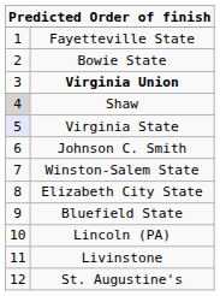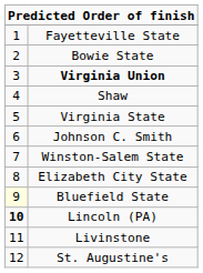 <table class="wikitable">
 <tr align="center">
 <td align="center" Colspan="2"><strong>Predicted Order of finish</strong></td>
 </tr>
 <tr align="center">
 </tr>
 <tr align="center">
 <td>1</td>
 <td>Fayetteville State</td>
 </tr>
 <tr align="center">
 <td>2</td>
 <td>Bowie State</td>
 </tr>
 <tr align="center">
 <td>3</td>
 <td><strong>Virginia Union</strong></td>
 </tr>
 <tr align="center">
-<td style="background: lightgrey;">4</td>
+<td>4</td>
 <td>Shaw</td>
 </tr>
 <tr align="center">
-<td style="background: lavender;">5</td>
+<td>5</td>
 <td>Virginia State</td>
 </tr>
 <tr align="center">
 <td>6</td>
 <td>Johnson C. Smith</td>
 </tr>
 <tr align="center">
 <td>7</td>
 <td>Winston-Salem State</td>
 </tr>
 <tr align="center">
 <td>8</td>
 <td>Elizabeth City State</td>
 </tr>
 <tr align="center">
-<td>9</td>
+<td style="background: lightyellow;">9</td>
 <td>Bluefield State</td>
 </tr>
 <tr align="center">
-<td>10</td>
+<td><strong>10</strong></td>
 <td>Lincoln (PA)</td>
 </tr>
 <tr align="center">
 <td>11</td>
 <td>Livinstone</td>
 </tr>
 <tr align="center">
 <td>12</td>
 <td>St. Augustine's</td>
 </tr>
 </table>
